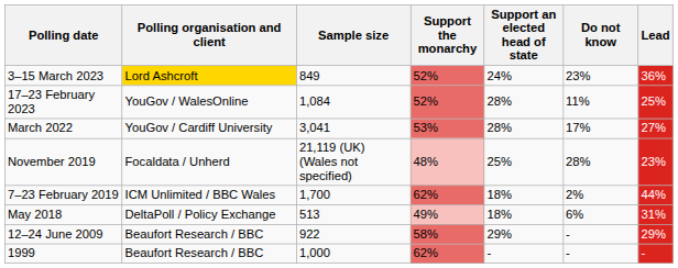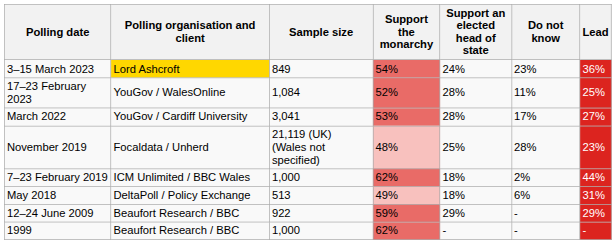 <table class="wikitable">
 <tr>
 <th>Polling date</th>
 <th>Polling organisation and client</th>
 <th>Sample size</th>
 <th>Support the<br>monarchy</th>
 <th>Support an<br>elected<br>head of state</th>
 <th>Do not know</th>
 <th>Lead</th>
 </tr>
 <tr>
 <td>3–15 March 2023</td>
 <td style="background: gold;">Lord Ashcroft</td>
 <td>849</td>
-<td style="background: rgb(233, 107, 103); ">52%</td>
+<td style="background: rgb(233, 107, 103); ">54%</td>
 <td>24%</td>
 <td>23%</td>
 <td style="background: rgb(220, 36, 31); color: white;">36%</td>
 </tr>
 <tr>
 <td>17–23 February 2023</td>
 <td>YouGov / WalesOnline</td>
 <td>1,084</td>
 <td style="background: rgb(233, 107, 103); ">52%</td>
 <td>28%</td>
 <td>11%</td>
 <td style="background: rgb(220, 36, 31); color: white;">25%</td>
 </tr>
 <tr>
 <td>March 2022</td>
 <td>YouGov / Cardiff University</td>
 <td>3,041</td>
 <td style="background: rgb(233, 107, 103);">53%</td>
 <td>28%</td>
 <td>17%</td>
 <td style="background: rgb(220, 36, 31); color: white;">27%</td>
 </tr>
 <tr>
 <td>November 2019</td>
 <td>Focaldata / Unherd</td>
 <td>21,119 (UK)<br>(Wales not specified)</td>
 <td style="background: rgb(248, 193, 190); ">48%</td>
 <td>25%</td>
 <td>28%</td>
 <td style="background: rgb(220, 36, 31); color: white;">23%</td>
 </tr>
 <tr>
 <td>7–23 February 2019</td>
 <td>ICM Unlimited / BBC Wales</td>
-<td>1,700</td>
+<td>1,000</td>
 <td style="background: rgb(233, 107, 103);">62%</td>
 <td>18%</td>
 <td>2%</td>
 <td style="background: rgb(220, 36, 31); color: white;">44%</td>
 </tr>
 <tr>
 <td>May 2018</td>
 <td>DeltaPoll / Policy Exchange</td>
 <td>513</td>
 <td style="background: rgb(248, 193, 190); ">49%</td>
 <td>18%</td>
 <td>6%</td>
 <td style="background: rgb(220, 36, 31); color: white;">31%</td>
 </tr>
 <tr>
 <td>12–24 June 2009</td>
 <td>Beaufort Research / BBC</td>
 <td>922</td>
-<td style="background: rgb(233, 107, 103);">58%</td>
+<td style="background: rgb(233, 107, 103);">59%</td>
 <td>29%</td>
 <td>-</td>
 <td style="background: rgb(220, 36, 31); color: white;">29%</td>
 </tr>
 <tr>
 <td>1999</td>
 <td>Beaufort Research / BBC</td>
 <td>1,000</td>
 <td style="background: rgb(233, 107, 103);">62%</td>
 <td>-</td>
 <td>-</td>
 <td style="background: rgb(220, 36, 31); color: white;">-</td>
 </tr>
 </table>
